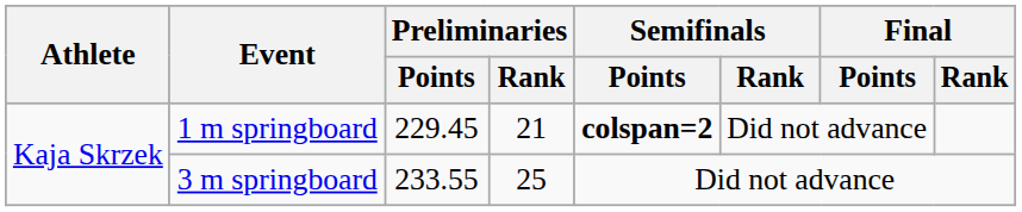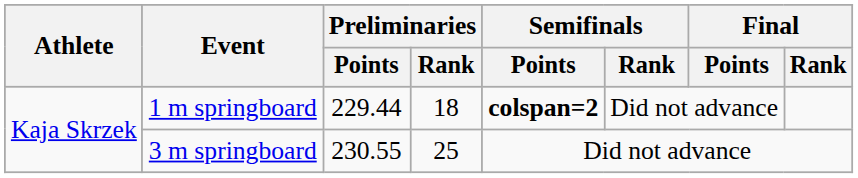 <table class="wikitable" style="text-align:center; font-size:90%;">
 <tr>
 <th rowspan=2>Athlete</th>
 <th rowspan=2>Event</th>
 <th colspan=2>Preliminaries</th>
 <th colspan=2>Semifinals</th>
 <th colspan=2>Final</th>
 </tr>
 <tr style="font-size:95%">
 <th>Points</th>
 <th>Rank</th>
 <th>Points</th>
 <th>Rank</th>
 <th>Points</th>
 <th>Rank</th>
 </tr>
 <tr>
 <td align=left rowspan=2><a href='#'>Kaja Skrzek</a></td>
 <td align=left><a href='#'>1 m springboard</a></td>
-<td>229.45</td>
-<td>21</td>
+<td>229.44</td>
+<td>18</td>
 <td><strong>colspan=2 </strong></td>
 <td colspan=2>Did not advance</td>
 </tr>
 <tr>
 <td align=left><a href='#'>3 m springboard</a></td>
-<td>233.55</td>
+<td>230.55</td>
 <td>25</td>
 <td colspan=4>Did not advance</td>
 </tr>
 </table>
